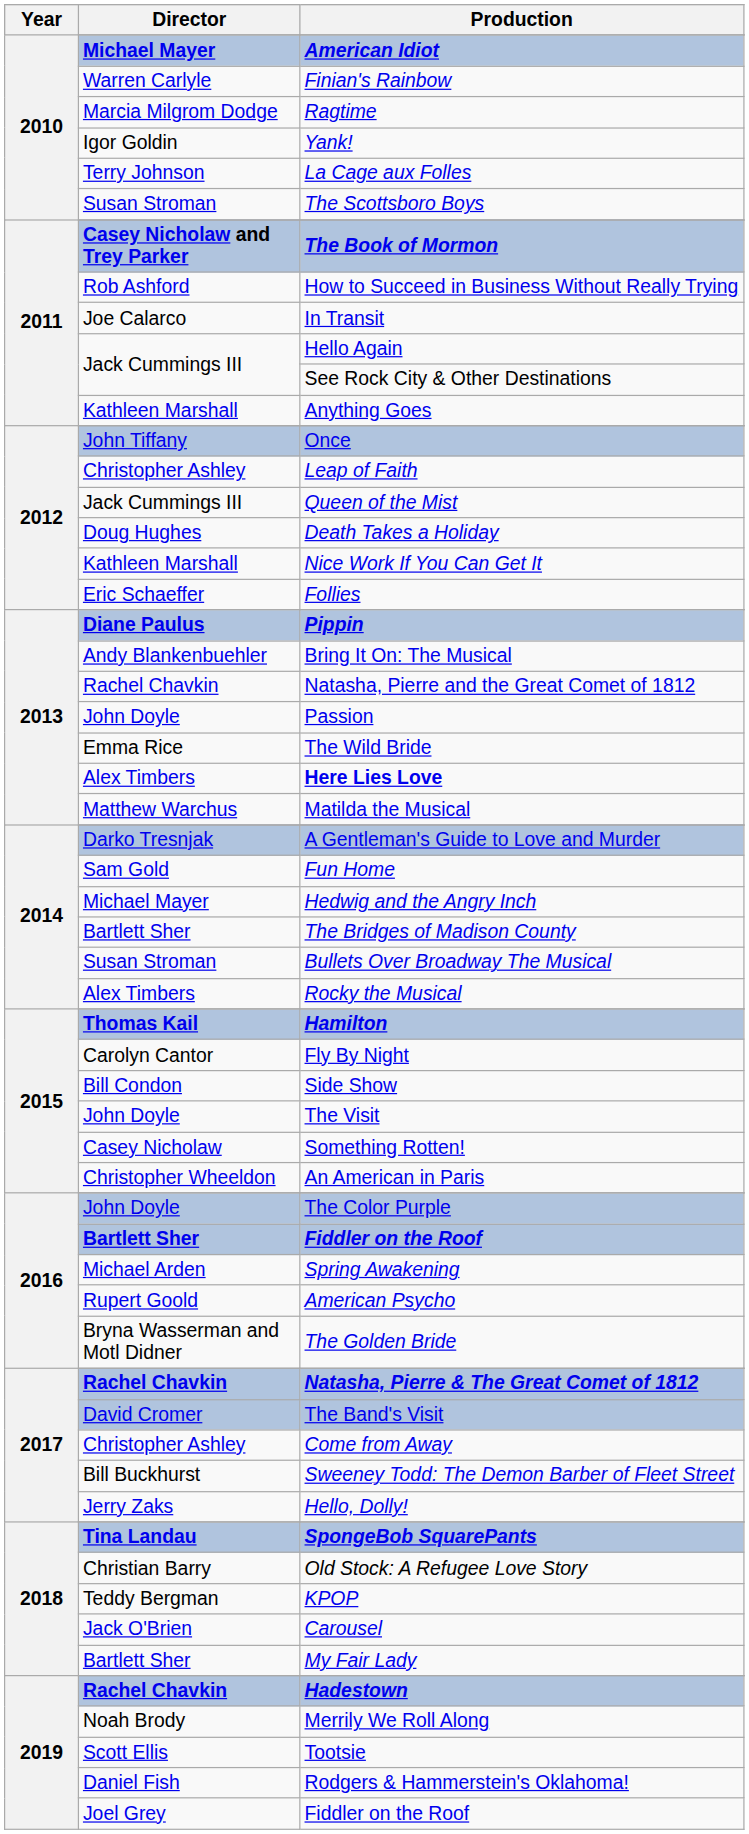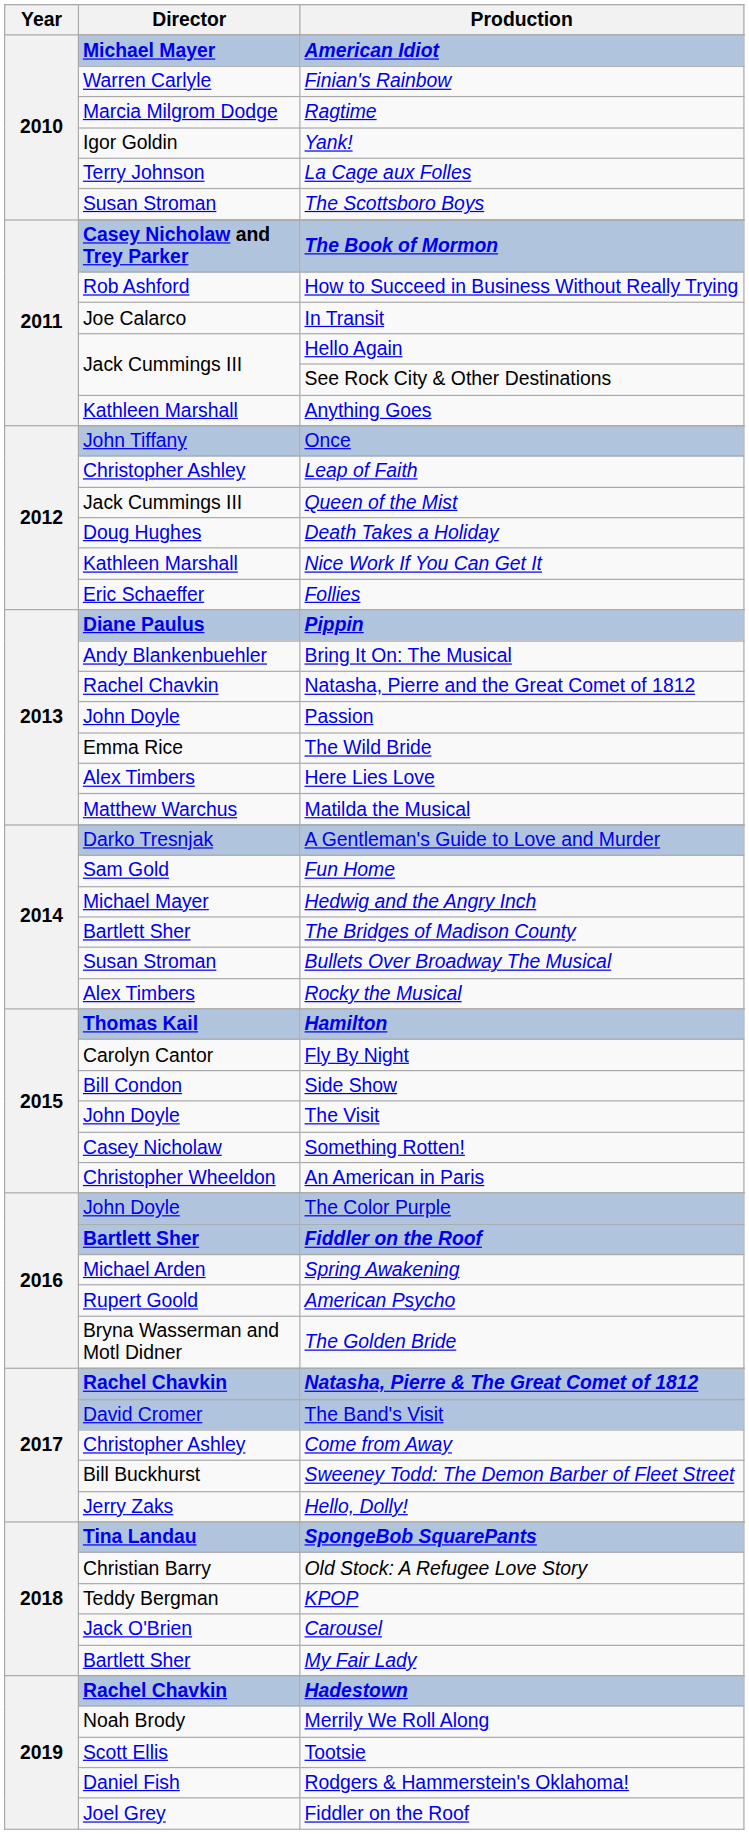 <table class="wikitable" style="width:98%;">
 <tr style="background:#bebebe;">
 <th style="width:10%;">Year</th>
 <th style="width:30%;">Director</th>
 <th style="width:60%;">Production</th>
 </tr>
 <tr>
 <th rowspan="7">2010</th>
 </tr>
 <tr style="background:#B0C4DE">
 <td><strong><a href='#'>Michael Mayer</a></strong></td>
 <td><strong><em><a href='#'>American Idiot</a></em></strong></td>
 </tr>
 <tr>
 <td><a href='#'>Warren Carlyle</a></td>
 <td><em><a href='#'>Finian's Rainbow</a></em></td>
 </tr>
 <tr>
 <td><a href='#'>Marcia Milgrom Dodge</a></td>
 <td><em><a href='#'>Ragtime</a></em></td>
 </tr>
 <tr>
 <td>Igor Goldin</td>
 <td><em><a href='#'>Yank!</a></em></td>
 </tr>
 <tr>
 <td><a href='#'>Terry Johnson</a></td>
 <td><em><a href='#'>La Cage aux Folles</a></em></td>
 </tr>
 <tr>
 <td><a href='#'>Susan Stroman</a></td>
 <td><em><a href='#'>The Scottsboro Boys</a></em></td>
 </tr>
 <tr>
 <th rowspan="7">2011</th>
 </tr>
 <tr style="background:#B0C4DE">
 <td><strong><a href='#'>Casey Nicholaw</a> and <a href='#'>Trey Parker</a></strong></td>
 <td><strong><em><a href='#'>The Book of Mormon</a><em> <strong></td>
 </tr>
 <tr>
 <td><a href='#'>Rob Ashford</a></td>
 <td></em><a href='#'>How to Succeed in Business Without Really Trying</a><em></td>
 </tr>
 <tr>
 <td>Joe Calarco</td>
 <td></em><a href='#'>In Transit</a><em></td>
 </tr>
 <tr>
 <td rowspan="2">Jack Cummings III</td>
 <td></em><a href='#'>Hello Again</a><em></td>
 </tr>
 <tr>
 <td></em>See Rock City & Other Destinations<em></td>
 </tr>
 <tr>
 <td><a href='#'>Kathleen Marshall</a></td>
 <td></em><a href='#'>Anything Goes</a><em></td>
 </tr>
 <tr>
 <th rowspan="7">2012</th>
 </tr>
 <tr style="background:#B0C4DE">
 <td></strong><a href='#'>John Tiffany</a><strong></td>
 <td></em></strong><a href='#'>Once</a></em> </strong></td>
 </tr>
 <tr>
 <td><a href='#'>Christopher Ashley</a></td>
 <td><em><a href='#'>Leap of Faith</a></em></td>
 </tr>
 <tr>
 <td>Jack Cummings III</td>
 <td><em><a href='#'>Queen of the Mist</a></em></td>
 </tr>
 <tr>
 <td><a href='#'>Doug Hughes</a></td>
 <td><em><a href='#'>Death Takes a Holiday</a></em></td>
 </tr>
 <tr>
 <td><a href='#'>Kathleen Marshall</a></td>
 <td><em><a href='#'>Nice Work If You Can Get It</a></em></td>
 </tr>
 <tr>
 <td><a href='#'>Eric Schaeffer</a></td>
 <td><em><a href='#'>Follies</a></em></td>
 </tr>
 <tr>
 <th rowspan="8">2013</th>
 </tr>
 <tr style="background:#B0C4DE">
 <td><strong><a href='#'>Diane Paulus</a></strong></td>
 <td><strong><em><a href='#'>Pippin</a><em> <strong></td>
 </tr>
 <tr>
 <td><a href='#'>Andy Blankenbuehler</a></td>
 <td></em><a href='#'>Bring It On: The Musical</a><em></td>
 </tr>
 <tr>
 <td><a href='#'>Rachel Chavkin</a></td>
 <td></em><a href='#'>Natasha, Pierre and the Great Comet of 1812</a><em></td>
 </tr>
 <tr>
 <td><a href='#'>John Doyle</a></td>
 <td></em><a href='#'>Passion</a><em></td>
 </tr>
 <tr>
 <td>Emma Rice</td>
 <td></em><a href='#'>The Wild Bride</a><em></td>
 </tr>
 <tr>
 <td><a href='#'>Alex Timbers</a></td>
-<td><strong></em><a href='#'>Here Lies Love</a><em></strong></td>
+<td></em><a href='#'>Here Lies Love</a><em></td>
 </tr>
 <tr>
 <td><a href='#'>Matthew Warchus</a></td>
 <td></em><a href='#'>Matilda the Musical</a><em></td>
 </tr>
 <tr>
 <th rowspan="7">2014</th>
 </tr>
 <tr style="background:#B0C4DE">
 <td></strong><a href='#'>Darko Tresnjak</a><strong></td>
 <td></em></strong><a href='#'>A Gentleman's Guide to Love and Murder</a></em> </strong></td>
 </tr>
 <tr>
 <td><a href='#'>Sam Gold</a></td>
 <td><em><a href='#'>Fun Home</a></em></td>
 </tr>
 <tr>
 <td><a href='#'>Michael Mayer</a></td>
 <td><em><a href='#'>Hedwig and the Angry Inch</a></em></td>
 </tr>
 <tr>
 <td><a href='#'>Bartlett Sher</a></td>
 <td><em><a href='#'>The Bridges of Madison County</a></em></td>
 </tr>
 <tr>
 <td><a href='#'>Susan Stroman</a></td>
 <td><em><a href='#'>Bullets Over Broadway The Musical</a></em></td>
 </tr>
 <tr>
 <td><a href='#'>Alex Timbers</a></td>
 <td><em><a href='#'>Rocky the Musical</a></em></td>
 </tr>
 <tr>
 <th rowspan="7">2015</th>
 </tr>
 <tr style="background:#B0C4DE">
 <td><strong><a href='#'>Thomas Kail</a></strong></td>
 <td><strong><em><a href='#'>Hamilton</a><em> <strong></td>
 </tr>
 <tr>
 <td>Carolyn Cantor</td>
 <td></em><a href='#'>Fly By Night</a><em></td>
 </tr>
 <tr>
 <td><a href='#'>Bill Condon</a></td>
 <td></em><a href='#'>Side Show</a><em></td>
 </tr>
 <tr>
 <td><a href='#'>John Doyle</a></td>
 <td></em><a href='#'>The Visit</a><em></td>
 </tr>
 <tr>
 <td><a href='#'>Casey Nicholaw</a></td>
 <td></em><a href='#'>Something Rotten!</a><em></td>
 </tr>
 <tr>
 <td><a href='#'>Christopher Wheeldon</a></td>
 <td></em><a href='#'>An American in Paris</a><em></td>
 </tr>
 <tr>
 <th rowspan="6">2016</th>
 </tr>
 <tr style="background:#B0C4DE">
 <td></strong><a href='#'>John Doyle</a><strong></td>
 <td></em></strong><a href='#'>The Color Purple</a></em> </strong></td>
 </tr>
 <tr style="background:#B0C4DE">
 <td><strong><a href='#'>Bartlett Sher</a></strong></td>
 <td><strong><em><a href='#'>Fiddler on the Roof</a></em></strong></td>
 </tr>
 <tr>
 <td><a href='#'>Michael Arden</a></td>
 <td><em><a href='#'>Spring Awakening</a></em></td>
 </tr>
 <tr>
 <td><a href='#'>Rupert Goold</a></td>
 <td><em><a href='#'>American Psycho</a></em></td>
 </tr>
 <tr>
 <td>Bryna Wasserman and Motl Didner</td>
 <td><em><a href='#'>The Golden Bride</a></em></td>
 </tr>
 <tr>
 <th rowspan="6">2017</th>
 </tr>
 <tr style="background:#B0C4DE">
 <td><strong><a href='#'>Rachel Chavkin</a></strong></td>
 <td><strong><em><a href='#'>Natasha, Pierre & The Great Comet of 1812</a><em> <strong></td>
 </tr>
 <tr style="background:#B0C4DE">
 <td></strong><a href='#'>David Cromer</a><strong></td>
 <td></em></strong><a href='#'>The Band's Visit</a></em> </strong></td>
 </tr>
 <tr>
 <td><a href='#'>Christopher Ashley</a></td>
 <td><em><a href='#'>Come from Away</a></em></td>
 </tr>
 <tr>
 <td>Bill Buckhurst</td>
 <td><em><a href='#'>Sweeney Todd: The Demon Barber of Fleet Street</a></em></td>
 </tr>
 <tr>
 <td><a href='#'>Jerry Zaks</a></td>
 <td><a href='#'><em>Hello, Dolly!</em></a></td>
 </tr>
 <tr>
 <th rowspan="6">2018</th>
 </tr>
 <tr style="background:#B0C4DE">
 <td><strong><a href='#'>Tina Landau</a></strong></td>
 <td><strong><a href='#'><em>SpongeBob SquarePants</em></a> </strong></td>
 </tr>
 <tr>
 <td>Christian Barry</td>
 <td><em>Old Stock: A Refugee Love Story</em></td>
 </tr>
 <tr>
 <td>Teddy Bergman</td>
 <td><a href='#'><em>KPOP</em></a></td>
 </tr>
 <tr>
 <td><a href='#'>Jack O'Brien</a></td>
 <td><a href='#'><em>Carousel</em></a></td>
 </tr>
 <tr>
 <td><a href='#'>Bartlett Sher</a></td>
 <td><em><a href='#'>My Fair Lady</a></em></td>
 </tr>
 <tr>
 <th rowspan="6">2019</th>
 </tr>
 <tr style="background:#B0C4DE">
 <td><strong><a href='#'>Rachel Chavkin</a></strong></td>
 <td><strong><em><a href='#'>Hadestown</a><em> <strong></td>
 </tr>
 <tr>
 <td>Noah Brody</td>
 <td></em><a href='#'>Merrily We Roll Along</a><em></td>
 </tr>
 <tr>
 <td><a href='#'>Scott Ellis</a></td>
 <td></em><a href='#'>Tootsie</a><em></td>
 </tr>
 <tr>
 <td><a href='#'>Daniel Fish</a></td>
 <td></em><a href='#'>Rodgers & Hammerstein's Oklahoma!</a><em></td>
 </tr>
 <tr>
 <td><a href='#'>Joel Grey</a></td>
 <td></em><a href='#'>Fiddler on the Roof</a><em></td>
 </tr>
 </table>
